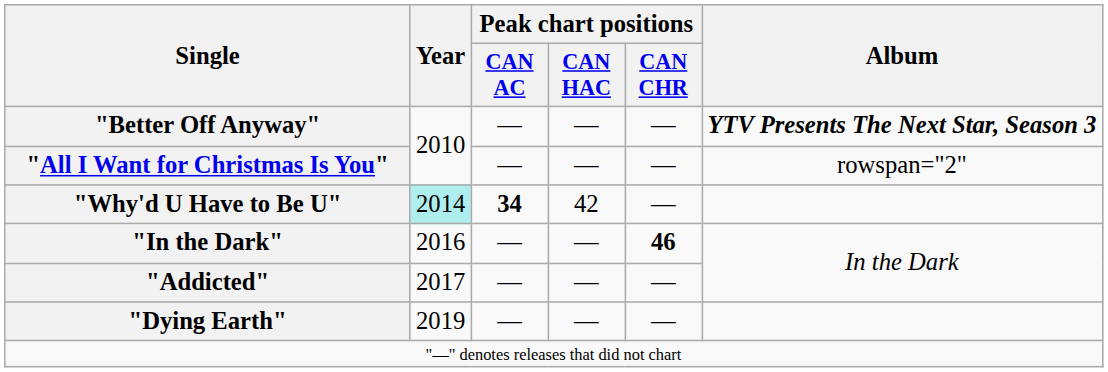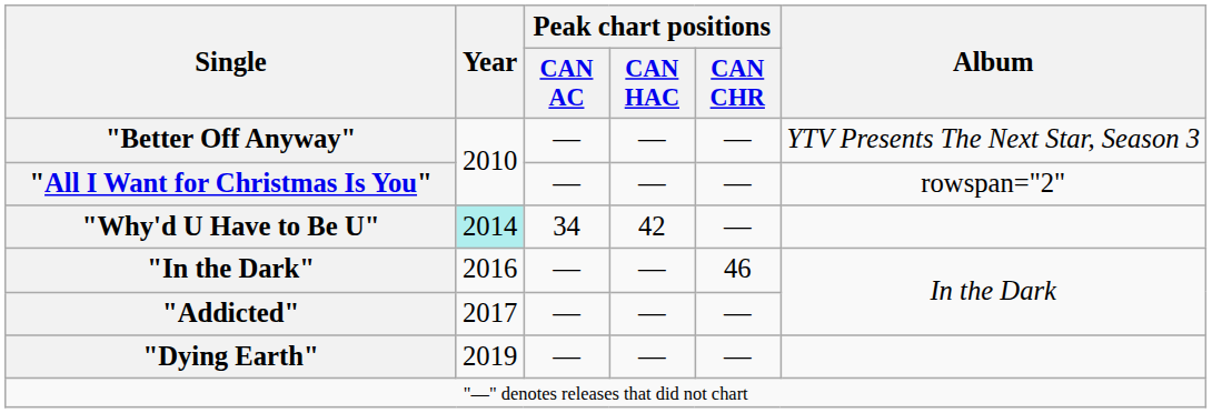 <table class="wikitable plainrowheaders" style="text-align:center;" border="1">
 <tr>
 <th rowspan="2" style="width:16em;">Single</th>
 <th rowspan="2">Year</th>
 <th colspan="3">Peak chart positions</th>
 <th rowspan="2">Album</th>
 </tr>
 <tr>
 <th scope="col" style="width:3em;font-size:90%;"><a href='#'>CAN<br>AC</a><br></th>
 <th scope="col" style="width:3em;font-size:90%;"><a href='#'>CAN<br>HAC</a><br></th>
 <th scope="col" style="width:3em;font-size:90%;"><a href='#'>CAN<br>CHR</a><br></th>
 </tr>
 <tr>
 <th scope="row">"Better Off Anyway"</th>
 <td rowspan="2">2010</td>
 <td>—</td>
 <td>—</td>
 <td>—</td>
-<td><strong><em>YTV Presents The Next Star, Season 3</em></strong></td>
+<td><em>YTV Presents The Next Star, Season 3</em></td>
 </tr>
 <tr>
 <th scope="row">"<a href='#'>All I Want for Christmas Is You</a>"<br></th>
 <td>—</td>
 <td>—</td>
 <td>—</td>
 <td>rowspan="2" </td>
 </tr>
 <tr>
 <th scope="row">"Why'd U Have to Be U"</th>
 <td style="background: paleturquoise;">2014</td>
-<td><strong>34</strong></td>
+<td>34</td>
 <td>42</td>
 <td>—</td>
 </tr>
 <tr>
 <th scope="row">"In the Dark"</th>
 <td>2016</td>
 <td>—</td>
 <td>—</td>
-<td><strong>46</strong></td>
+<td>46</td>
 <td rowspan="2"><em>In the Dark</em></td>
 </tr>
 <tr>
 <th scope="row">"Addicted"</th>
 <td>2017</td>
 <td>—</td>
 <td>—</td>
 <td>—</td>
 </tr>
 <tr>
 <th scope="row">"Dying Earth"<br></th>
 <td>2019</td>
 <td>—</td>
 <td>—</td>
 <td>—</td>
 <td></td>
 </tr>
 <tr>
 <td colspan="11" style="font-size:8pt">"—" denotes releases that did not chart</td>
 </tr>
 </table>
